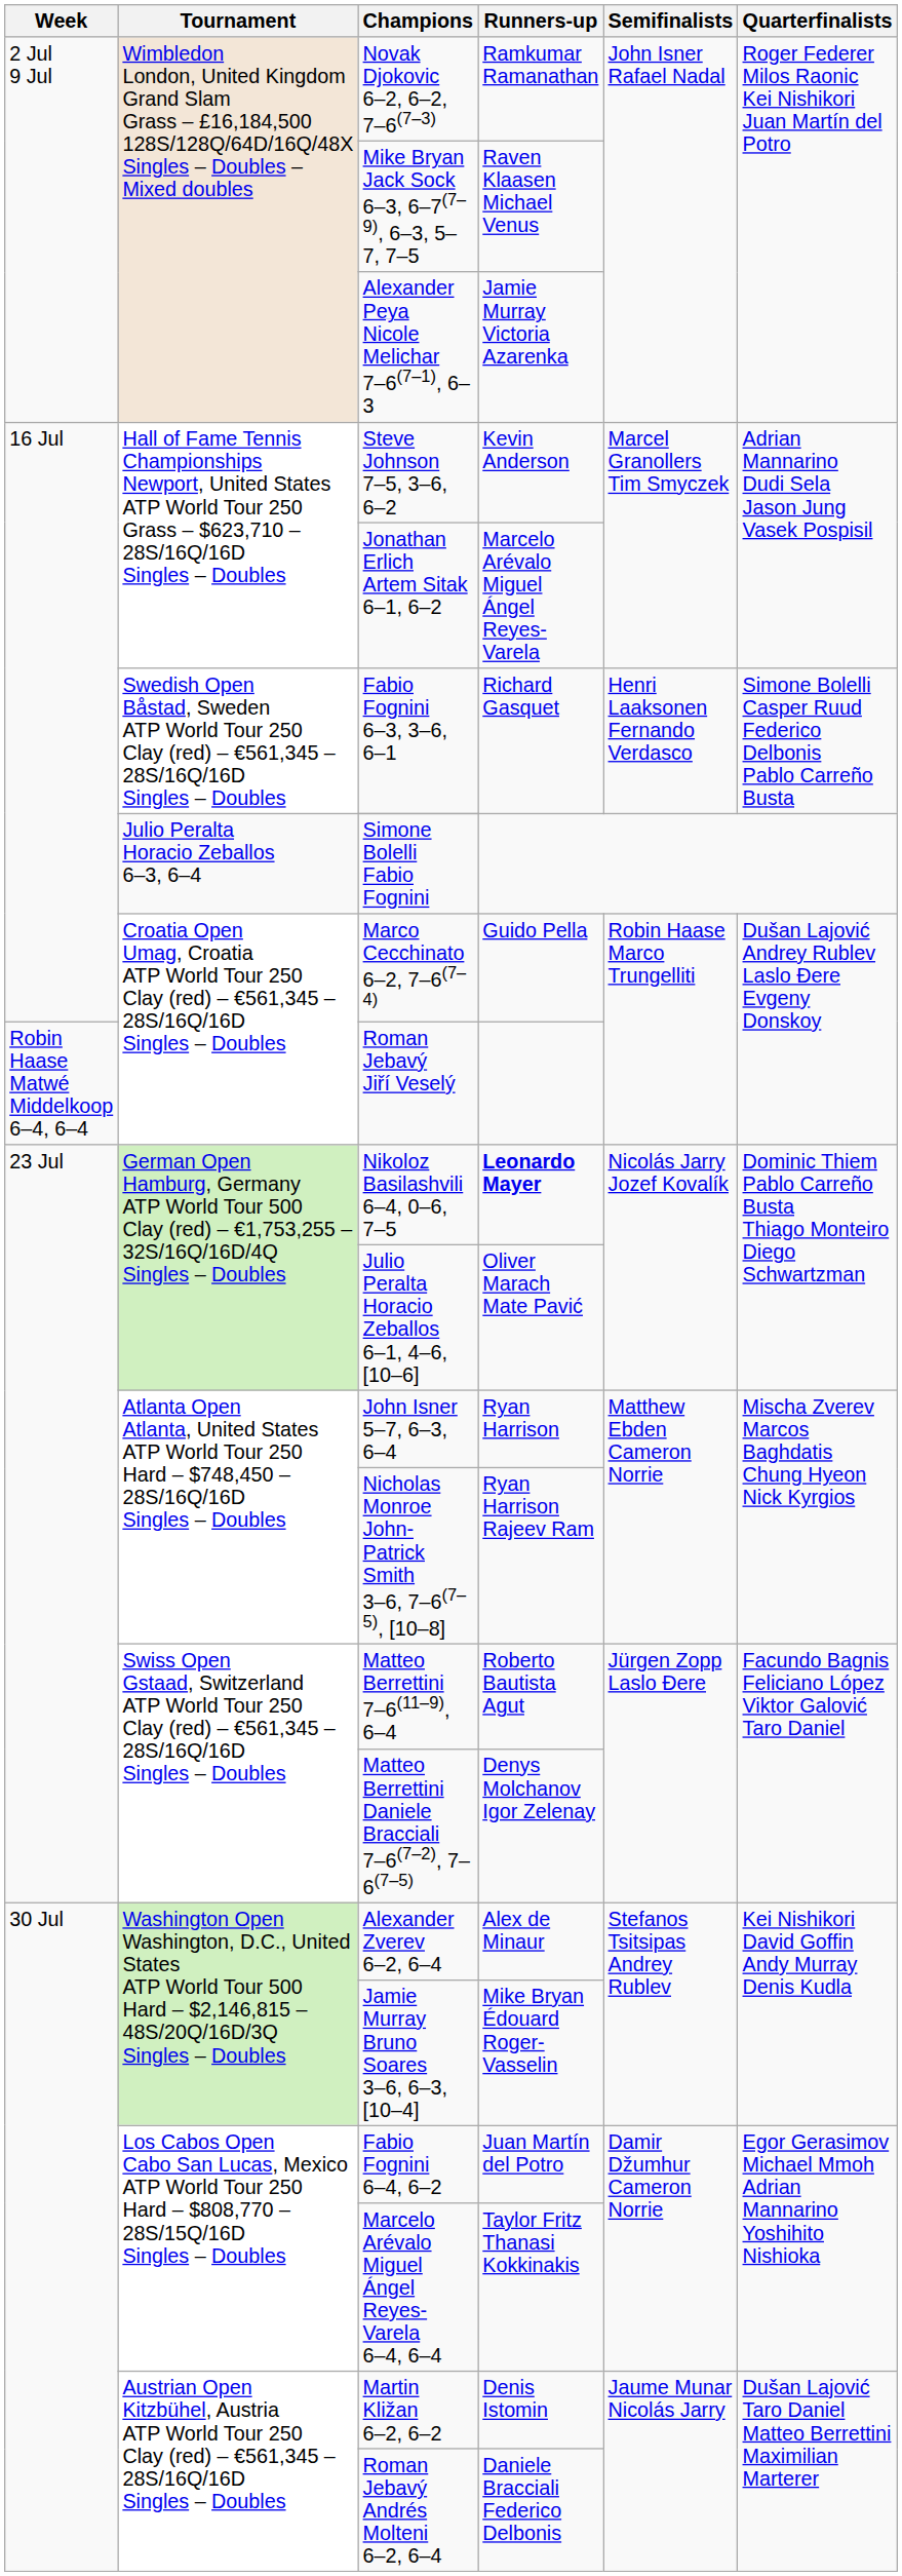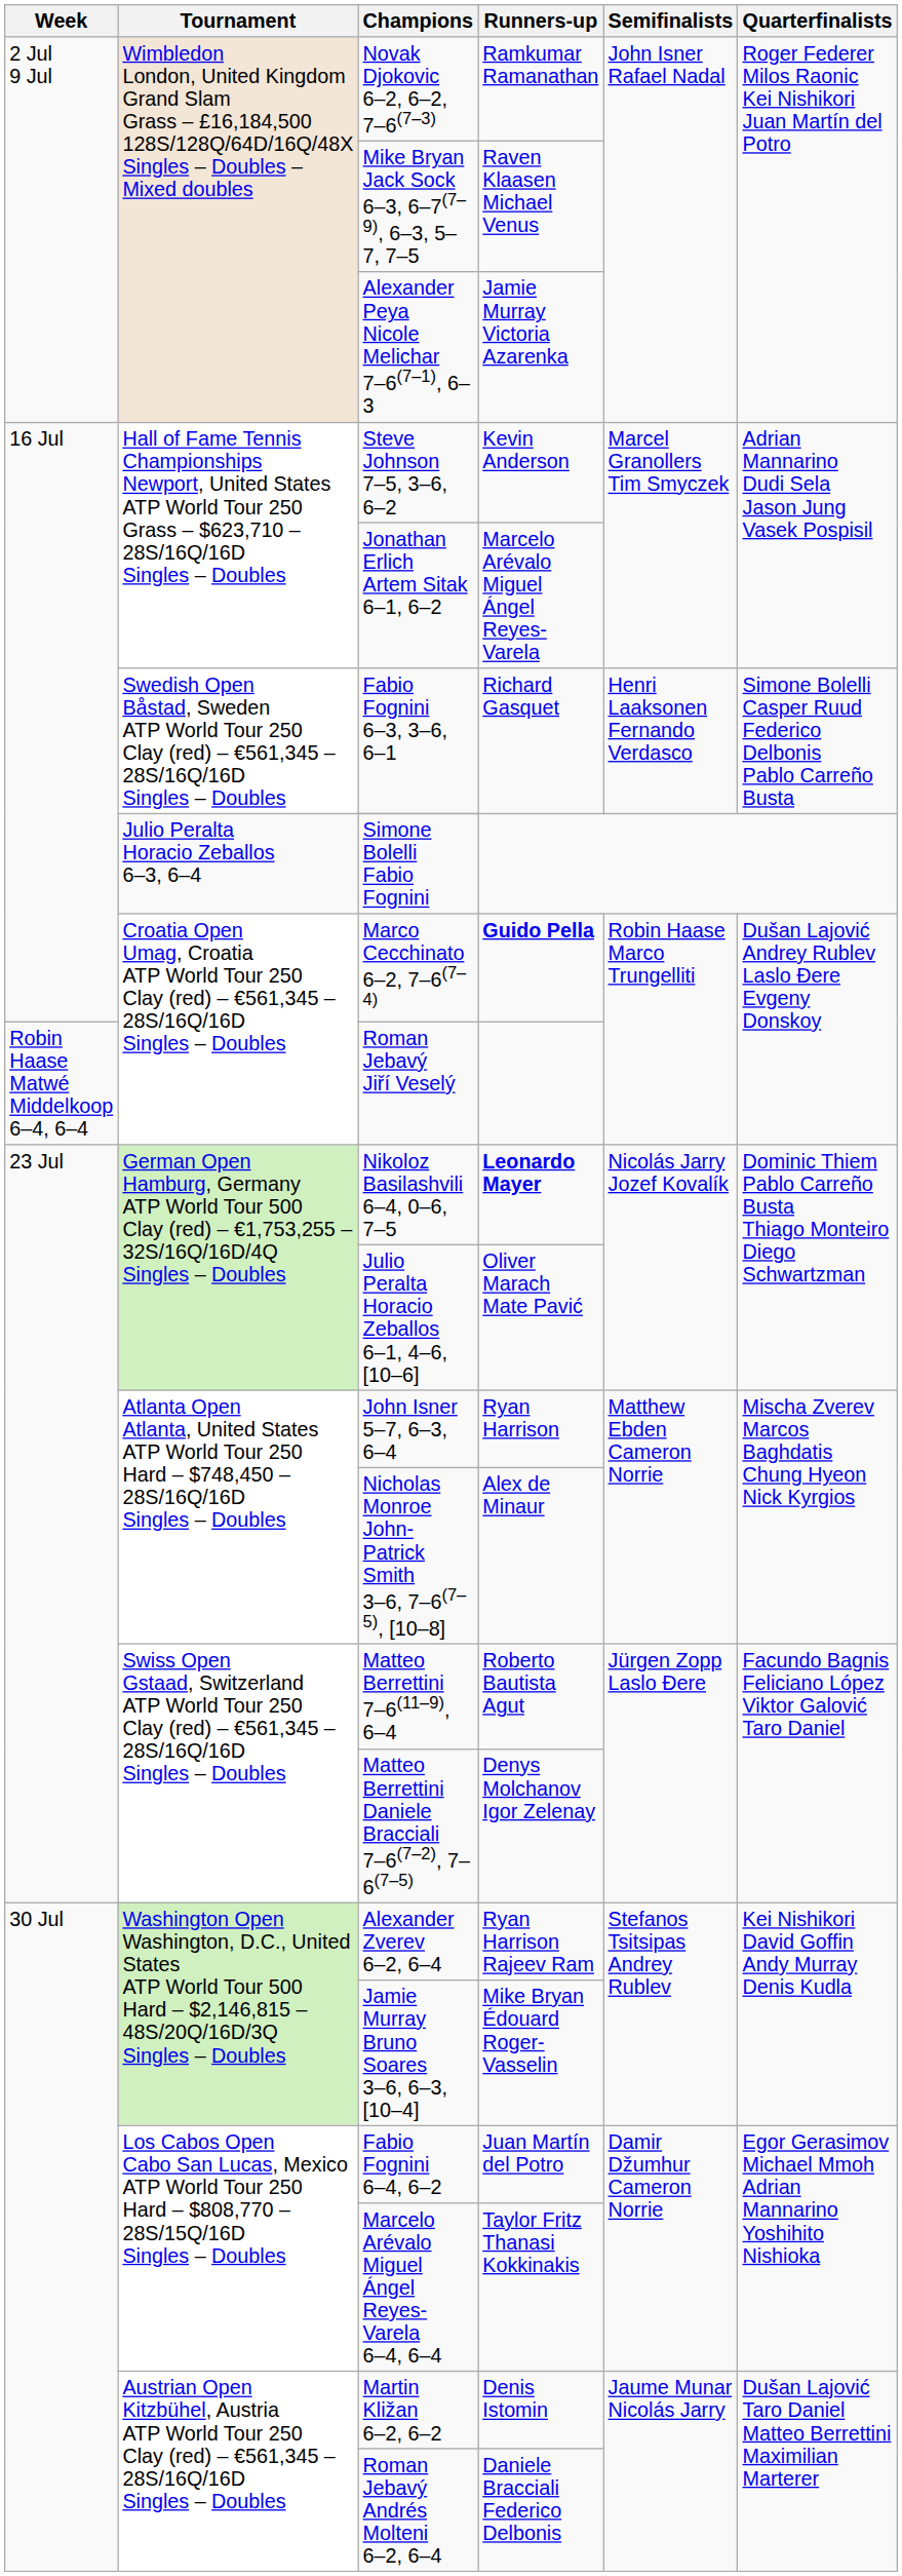 <table class=wikitable style=font-size:95%>
 <tr>
 <th style="width:48px;">Week</th>
 <th style="width:250px;">Tournament</th>
 <th style="width:205px;">Champions</th>
 <th style="width:205px;">Runners-up</th>
 <th style="width:190px;">Semifinalists</th>
 <th style="width:190px;">Quarterfinalists</th>
 </tr>
 <tr valign=top>
 <td rowspan=3>2 Jul<br>9 Jul</td>
 <td style="background:#F3E6D7;" rowspan="3"><a href='#'>Wimbledon</a><br> London, United Kingdom<br>Grand Slam<br>Grass – £16,184,500<br>128S/128Q/64D/16Q/48X<br><a href='#'>Singles</a> – <a href='#'>Doubles</a> – <a href='#'>Mixed doubles</a></td>
 <td> <a href='#'>Novak Djokovic</a><br>6–2, 6–2, 7–6<sup>(7–3)</sup></td>
 <td> <a href='#'>Ramkumar Ramanathan</a></td>
 <td rowspan=3> <a href='#'>John Isner</a><br> <a href='#'>Rafael Nadal</a></td>
 <td rowspan=3> <a href='#'>Roger Federer</a><br> <a href='#'>Milos Raonic</a><br>  <a href='#'>Kei Nishikori</a><br> <a href='#'>Juan Martín del Potro</a></td>
 </tr>
 <tr valign=top>
 <td> <a href='#'>Mike Bryan</a><br> <a href='#'>Jack Sock</a><br>6–3, 6–7<sup>(7–9)</sup>, 6–3, 5–7, 7–5</td>
 <td> <a href='#'>Raven Klaasen</a><br> <a href='#'>Michael Venus</a></td>
 </tr>
 <tr valign=top>
 <td> <a href='#'>Alexander Peya</a><br> <a href='#'>Nicole Melichar</a><br>7–6<sup>(7–1)</sup>, 6–3</td>
 <td> <a href='#'>Jamie Murray</a><br> <a href='#'>Victoria Azarenka</a></td>
 </tr>
 <tr valign=top>
 <td rowspan=6>16 Jul</td>
 <td bgcolor=#ffffff rowspan="2"><a href='#'>Hall of Fame Tennis Championships</a><br> <a href='#'>Newport</a>, United States<br>ATP World Tour 250<br>Grass – $623,710 – 28S/16Q/16D<br> <a href='#'>Singles</a> – <a href='#'>Doubles</a></td>
 <td> <a href='#'>Steve Johnson</a> <br>7–5, 3–6, 6–2</td>
 <td> <a href='#'>Kevin Anderson</a></td>
 <td rowspan=2> <a href='#'>Marcel Granollers</a> <br>  <a href='#'>Tim Smyczek</a></td>
 <td rowspan=2> <a href='#'>Adrian Mannarino</a> <br>  <a href='#'>Dudi Sela</a> <br>  <a href='#'>Jason Jung</a> <br>  <a href='#'>Vasek Pospisil</a></td>
 </tr>
 <tr valign=top>
 <td> <a href='#'>Jonathan Erlich</a><br> <a href='#'>Artem Sitak</a><br>6–1, 6–2</td>
 <td> <a href='#'>Marcelo Arévalo</a><br> <a href='#'>Miguel Ángel Reyes-Varela</a></td>
 </tr>
 <tr valign=top>
 <td bgcolor=#ffffff rowspan="2"><a href='#'>Swedish Open</a><br> <a href='#'>Båstad</a>, Sweden<br>ATP World Tour 250<br>Clay (red) – €561,345 – 28S/16Q/16D<br> <a href='#'>Singles</a> – <a href='#'>Doubles</a></td>
 <td> <a href='#'>Fabio Fognini</a><br>6–3, 3–6, 6–1</td>
 <td> <a href='#'>Richard Gasquet</a></td>
 <td rowspan=2> <a href='#'>Henri Laaksonen</a> <br>  <a href='#'>Fernando Verdasco</a></td>
 <td rowspan=2> <a href='#'>Simone Bolelli</a> <br>  <a href='#'>Casper Ruud</a> <br>  <a href='#'>Federico Delbonis</a> <br>  <a href='#'>Pablo Carreño Busta</a></td>
 </tr>
 <tr valign=top>
 </tr>
 <tr valign=top>
 <td> <a href='#'>Julio Peralta</a> <br> <a href='#'>Horacio Zeballos</a><br>6–3, 6–4</td>
 <td> <a href='#'>Simone Bolelli</a><br> <a href='#'>Fabio Fognini</a></td>
 </tr>
 <tr valign=top>
 <td bgcolor=#ffffff rowspan="2"><a href='#'>Croatia Open</a><br> <a href='#'>Umag</a>, Croatia<br>ATP World Tour 250<br>Clay (red) – €561,345 – 28S/16Q/16D<br> <a href='#'>Singles</a> – <a href='#'>Doubles</a></td>
 <td> <a href='#'>Marco Cecchinato</a><br>6–2, 7–6<sup>(7–4)</sup></td>
-<td> <a href='#'>Guido Pella</a></td>
+<td><strong> <a href='#'>Guido Pella</a></strong></td>
 <td rowspan=2> <a href='#'>Robin Haase</a> <br> <a href='#'>Marco Trungelliti</a></td>
 <td rowspan=2> <a href='#'>Dušan Lajović</a> <br>  <a href='#'>Andrey Rublev</a> <br>  <a href='#'>Laslo Đere</a> <br>  <a href='#'>Evgeny Donskoy</a></td>
 </tr>
 <tr valign=top>
 <td> <a href='#'>Robin Haase</a><br> <a href='#'>Matwé Middelkoop</a><br>6–4, 6–4</td>
 <td> <a href='#'>Roman Jebavý</a><br> <a href='#'>Jiří Veselý</a></td>
 </tr>
 <tr valign=top>
 <td rowspan=6>23 Jul</td>
 <td bgcolor=#d0f0c0 rowspan="2"><a href='#'>German Open</a><br> <a href='#'>Hamburg</a>, Germany<br>ATP World Tour 500<br>Clay (red) – €1,753,255 – 32S/16Q/16D/4Q<br> <a href='#'>Singles</a> – <a href='#'>Doubles</a></td>
 <td> <a href='#'>Nikoloz Basilashvili</a> <br> 6–4, 0–6, 7–5</td>
 <td><strong> <a href='#'>Leonardo Mayer</a></strong></td>
 <td rowspan=2> <a href='#'>Nicolás Jarry</a> <br>  <a href='#'>Jozef Kovalík</a></td>
 <td rowspan=2> <a href='#'>Dominic Thiem</a> <br> <a href='#'>Pablo Carreño Busta</a> <br> <a href='#'>Thiago Monteiro</a><br> <a href='#'>Diego Schwartzman</a></td>
 </tr>
 <tr valign=top>
 <td> <a href='#'>Julio Peralta</a><br> <a href='#'>Horacio Zeballos</a> <br> 6–1, 4–6, [10–6]</td>
 <td> <a href='#'>Oliver Marach</a><br> <a href='#'>Mate Pavić</a></td>
 </tr>
 <tr valign=top>
 <td bgcolor=#ffffff rowspan="2"><a href='#'>Atlanta Open</a><br> <a href='#'>Atlanta</a>, United States<br>ATP World Tour 250<br>Hard – $748,450 – 28S/16Q/16D<br> <a href='#'>Singles</a> – <a href='#'>Doubles</a></td>
 <td> <a href='#'>John Isner</a><br>5–7, 6–3, 6–4</td>
 <td> <a href='#'>Ryan Harrison</a></td>
 <td rowspan=2> <a href='#'>Matthew Ebden</a> <br>  <a href='#'>Cameron Norrie</a></td>
 <td rowspan=2> <a href='#'>Mischa Zverev</a> <br> <a href='#'>Marcos Baghdatis</a>  <br> <a href='#'>Chung Hyeon</a> <br>  <a href='#'>Nick Kyrgios</a></td>
 </tr>
 <tr valign=top>
 <td> <a href='#'>Nicholas Monroe</a><br> <a href='#'>John-Patrick Smith</a> <br> 3–6, 7–6<sup>(7–5)</sup>, [10–8]</td>
-<td> <a href='#'>Ryan Harrison</a><br> <a href='#'>Rajeev Ram</a></td>
+<td> <a href='#'>Alex de Minaur</a></td>
 </tr>
 <tr valign=top>
 <td bgcolor=#ffffff rowspan="2"><a href='#'>Swiss Open</a><br> <a href='#'>Gstaad</a>, Switzerland<br>ATP World Tour 250<br>Clay (red) – €561,345 – 28S/16Q/16D<br> <a href='#'>Singles</a> – <a href='#'>Doubles</a></td>
 <td> <a href='#'>Matteo Berrettini</a> <br> 7–6<sup>(11–9)</sup>, 6–4</td>
 <td> <a href='#'>Roberto Bautista Agut</a></td>
 <td rowspan=2> <a href='#'>Jürgen Zopp</a> <br>  <a href='#'>Laslo Đere</a></td>
 <td rowspan=2> <a href='#'>Facundo Bagnis</a> <br> <a href='#'>Feliciano López</a>  <br> <a href='#'>Viktor Galović</a> <br>  <a href='#'>Taro Daniel</a></td>
 </tr>
 <tr valign=top>
 <td> <a href='#'>Matteo Berrettini</a><br> <a href='#'>Daniele Bracciali</a> <br> 7–6<sup>(7–2)</sup>, 7–6<sup>(7–5)</sup></td>
 <td> <a href='#'>Denys Molchanov</a><br> <a href='#'>Igor Zelenay</a></td>
 </tr>
 <tr valign=top>
 <td rowspan=6>30 Jul</td>
 <td bgcolor=#d0f0c0 rowspan="2"><a href='#'>Washington Open</a><br> Washington, D.C., United States<br>ATP World Tour 500<br>Hard – $2,146,815 – 48S/20Q/16D/3Q<br><a href='#'>Singles</a> – <a href='#'>Doubles</a></td>
 <td> <a href='#'>Alexander Zverev</a> <br> 6–2, 6–4</td>
-<td> <a href='#'>Alex de Minaur</a></td>
+<td> <a href='#'>Ryan Harrison</a><br> <a href='#'>Rajeev Ram</a></td>
 <td rowspan=2> <a href='#'>Stefanos Tsitsipas</a> <br>  <a href='#'>Andrey Rublev</a></td>
 <td rowspan=2> <a href='#'>Kei Nishikori</a> <br> <a href='#'>David Goffin</a> <br> <a href='#'>Andy Murray</a> <br>  <a href='#'>Denis Kudla</a></td>
 </tr>
 <tr valign=top>
 <td> <a href='#'>Jamie Murray</a><br> <a href='#'>Bruno Soares</a><br>3–6, 6–3, [10–4]</td>
 <td> <a href='#'>Mike Bryan</a><br> <a href='#'>Édouard Roger-Vasselin</a></td>
 </tr>
 <tr valign=top>
 <td bgcolor=#ffffff rowspan="2"><a href='#'>Los Cabos Open</a><br> <a href='#'>Cabo San Lucas</a>, Mexico<br>ATP World Tour 250<br>Hard – $808,770 – 28S/15Q/16D<br> <a href='#'>Singles</a> – <a href='#'>Doubles</a></td>
 <td> <a href='#'>Fabio Fognini</a> <br>6–4, 6–2</td>
 <td> <a href='#'>Juan Martín del Potro</a></td>
 <td rowspan=2> <a href='#'>Damir Džumhur</a> <br>  <a href='#'>Cameron Norrie</a></td>
 <td rowspan=2> <a href='#'>Egor Gerasimov</a> <br> <a href='#'>Michael Mmoh</a>  <br> <a href='#'>Adrian Mannarino</a> <br>  <a href='#'>Yoshihito Nishioka</a></td>
 </tr>
 <tr valign=top>
 <td> <a href='#'>Marcelo Arévalo</a><br> <a href='#'>Miguel Ángel Reyes-Varela</a> <br>6–4, 6–4</td>
 <td> <a href='#'>Taylor Fritz</a><br> <a href='#'>Thanasi Kokkinakis</a></td>
 </tr>
 <tr valign=top>
 <td bgcolor=#ffffff rowspan="2"><a href='#'>Austrian Open</a><br> <a href='#'>Kitzbühel</a>, Austria<br>ATP World Tour 250<br>Clay (red) – €561,345 – 28S/16Q/16D<br> <a href='#'>Singles</a> – <a href='#'>Doubles</a></td>
 <td> <a href='#'>Martin Kližan</a><br>6–2, 6–2</td>
 <td> <a href='#'>Denis Istomin</a></td>
 <td rowspan=2> <a href='#'>Jaume Munar</a> <br>  <a href='#'>Nicolás Jarry</a></td>
 <td rowspan=2> <a href='#'>Dušan Lajović</a> <br>  <a href='#'>Taro Daniel</a>  <br>  <a href='#'>Matteo Berrettini</a> <br>  <a href='#'>Maximilian Marterer</a></td>
 </tr>
 <tr valign=top>
 <td> <a href='#'>Roman Jebavý</a><br> <a href='#'>Andrés Molteni</a> <br>6–2, 6–4</td>
 <td> <a href='#'>Daniele Bracciali</a><br> <a href='#'>Federico Delbonis</a></td>
 </tr>
 </table>
